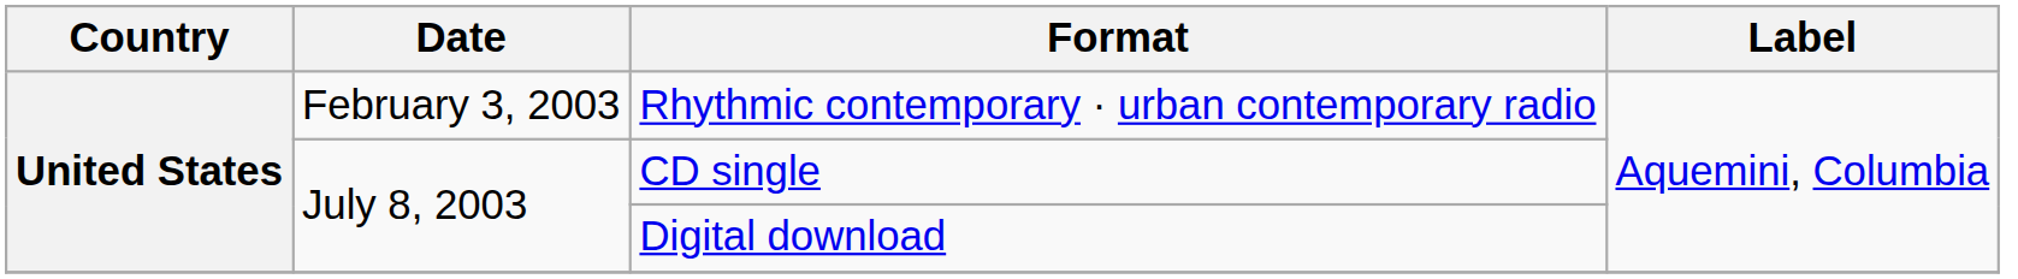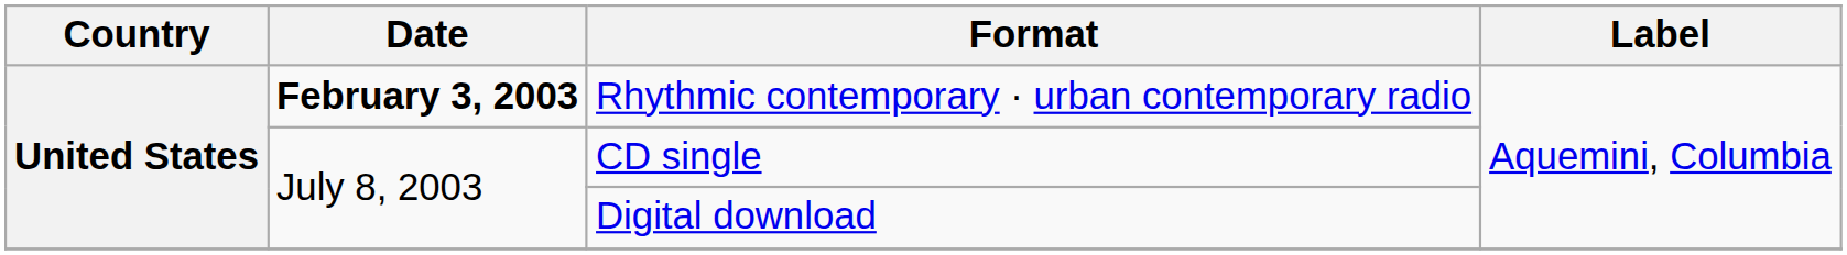 <table class="wikitable plainrowheaders">
 <tr>
 <th scope="col">Country</th>
 <th scope="col">Date</th>
 <th scope="col">Format</th>
 <th scope="col">Label</th>
 </tr>
 <tr>
 <th scope="row" rowspan="3">United States</th>
-<td>February 3, 2003</td>
+<td><strong>February 3, 2003</strong></td>
 <td><a href='#'>Rhythmic contemporary</a> · <a href='#'>urban contemporary radio</a></td>
 <td rowspan="3"><a href='#'>Aquemini</a>, <a href='#'>Columbia</a></td>
 </tr>
 <tr>
 <td rowspan="2">July 8, 2003</td>
 <td><a href='#'>CD single</a></td>
 </tr>
 <tr>
 <td><a href='#'>Digital download</a></td>
 </tr>
 <tr>
 </tr>
 </table>
